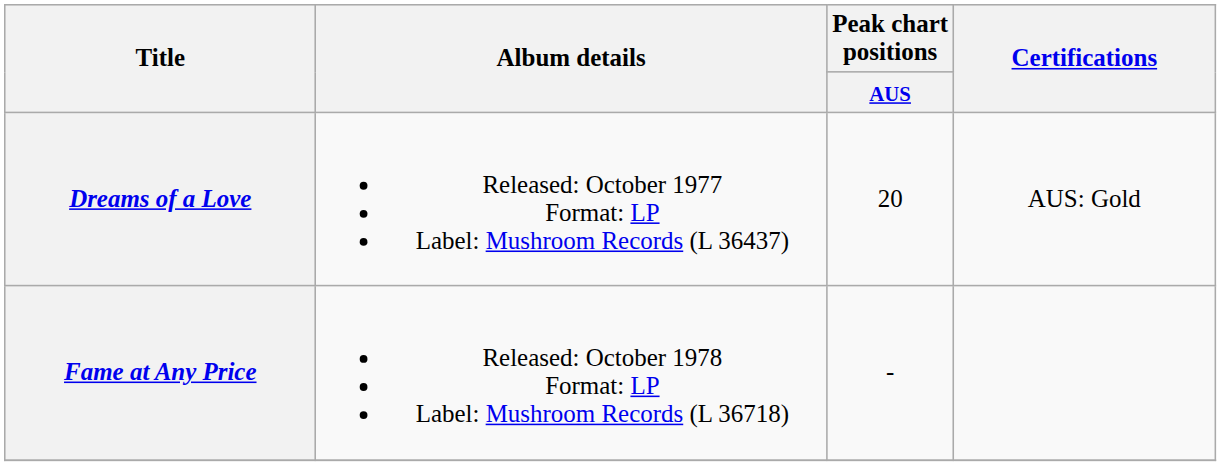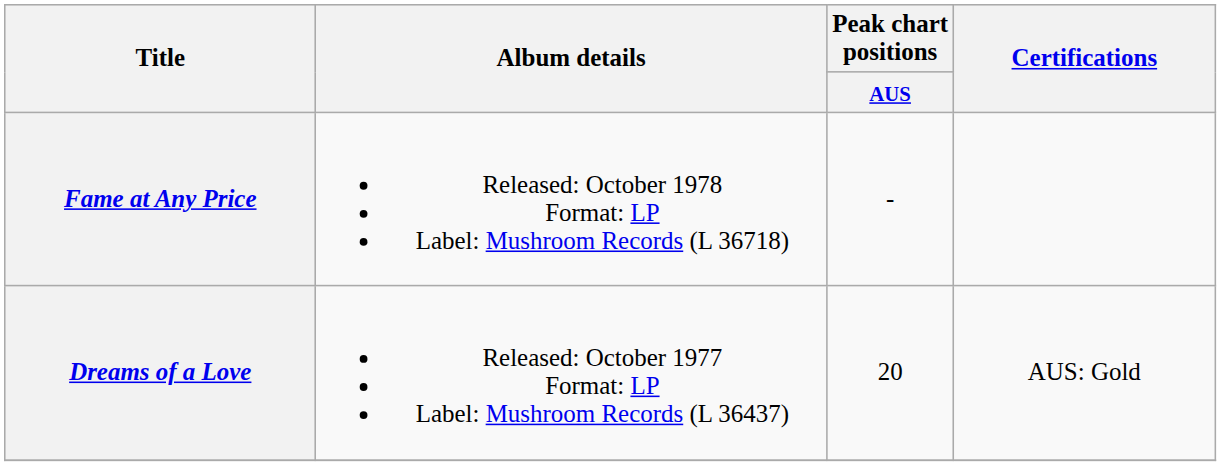 <table class="wikitable plainrowheaders" style="text-align:center;" border="1">
 <tr>
 <th scope="col" rowspan="2" style="width:12em;">Title</th>
 <th scope="col" rowspan="2" style="width:20em;">Album details</th>
 <th scope="col" colspan="1">Peak chart<br>positions</th>
 <th scope="col" rowspan="2" style="width:10em;"><a href='#'>Certifications</a></th>
 </tr>
 <tr>
 <th scope="col" style="text-align:center;"><small><a href='#'>AUS</a><br></small></th>
 </tr>
 <tr>
+<th scope="row"><em><a href='#'>Fame at Any Price</a></em></th>
+<td><br><ul><li>Released: October 1978</li><li>Format: <a href='#'>LP</a></li><li>Label: <a href='#'>Mushroom Records</a> (L 36718)</li></ul></td>
+<td align="center">-</td>
+<td align="center"></td>
+</tr>
+<tr>
 <th scope="row"><em><a href='#'>Dreams of a Love</a></em></th>
 <td><br><ul><li>Released: October 1977</li><li>Format: <a href='#'>LP</a></li><li>Label: <a href='#'>Mushroom Records</a> (L 36437)</li></ul></td>
 <td align="center">20</td>
 <td align="center">AUS: Gold</td>
 </tr>
 <tr>
-<th scope="row"><em><a href='#'>Fame at Any Price</a></em></th>
-<td><br><ul><li>Released: October 1978</li><li>Format: <a href='#'>LP</a></li><li>Label: <a href='#'>Mushroom Records</a> (L 36718)</li></ul></td>
-<td align="center">-</td>
-<td align="center"></td>
-</tr>
-<tr>
 </tr>
 </table>
